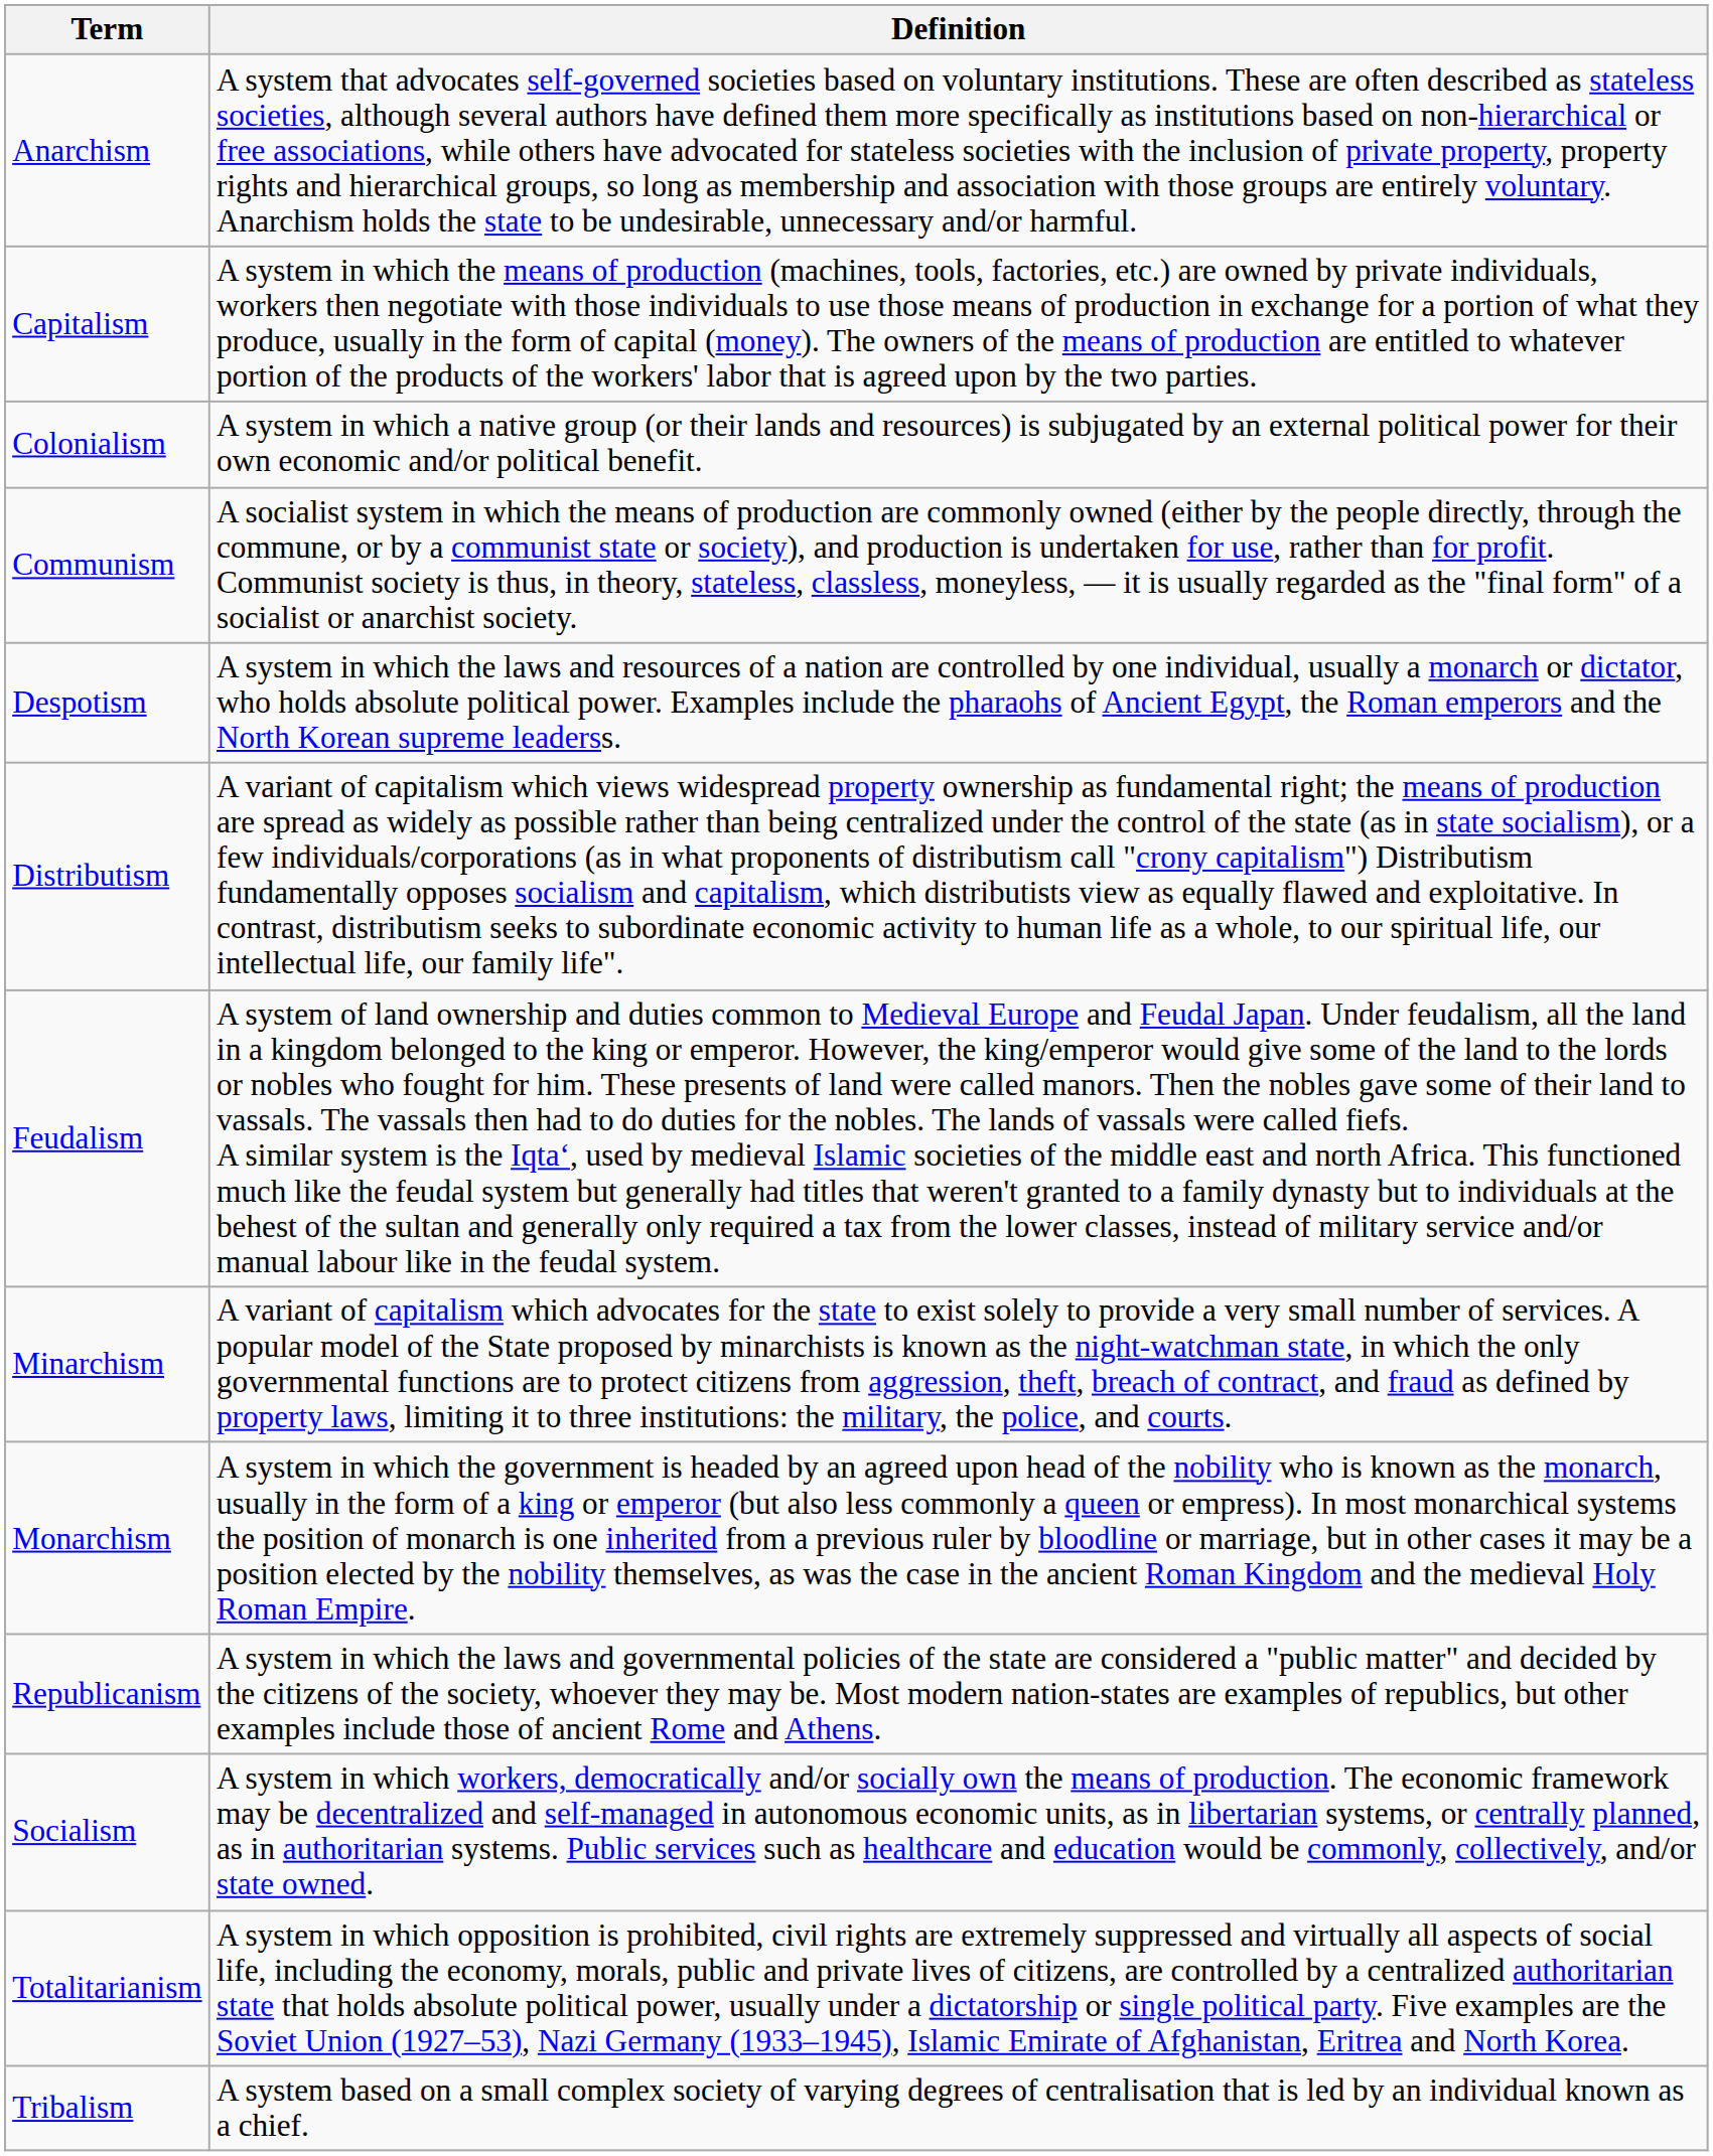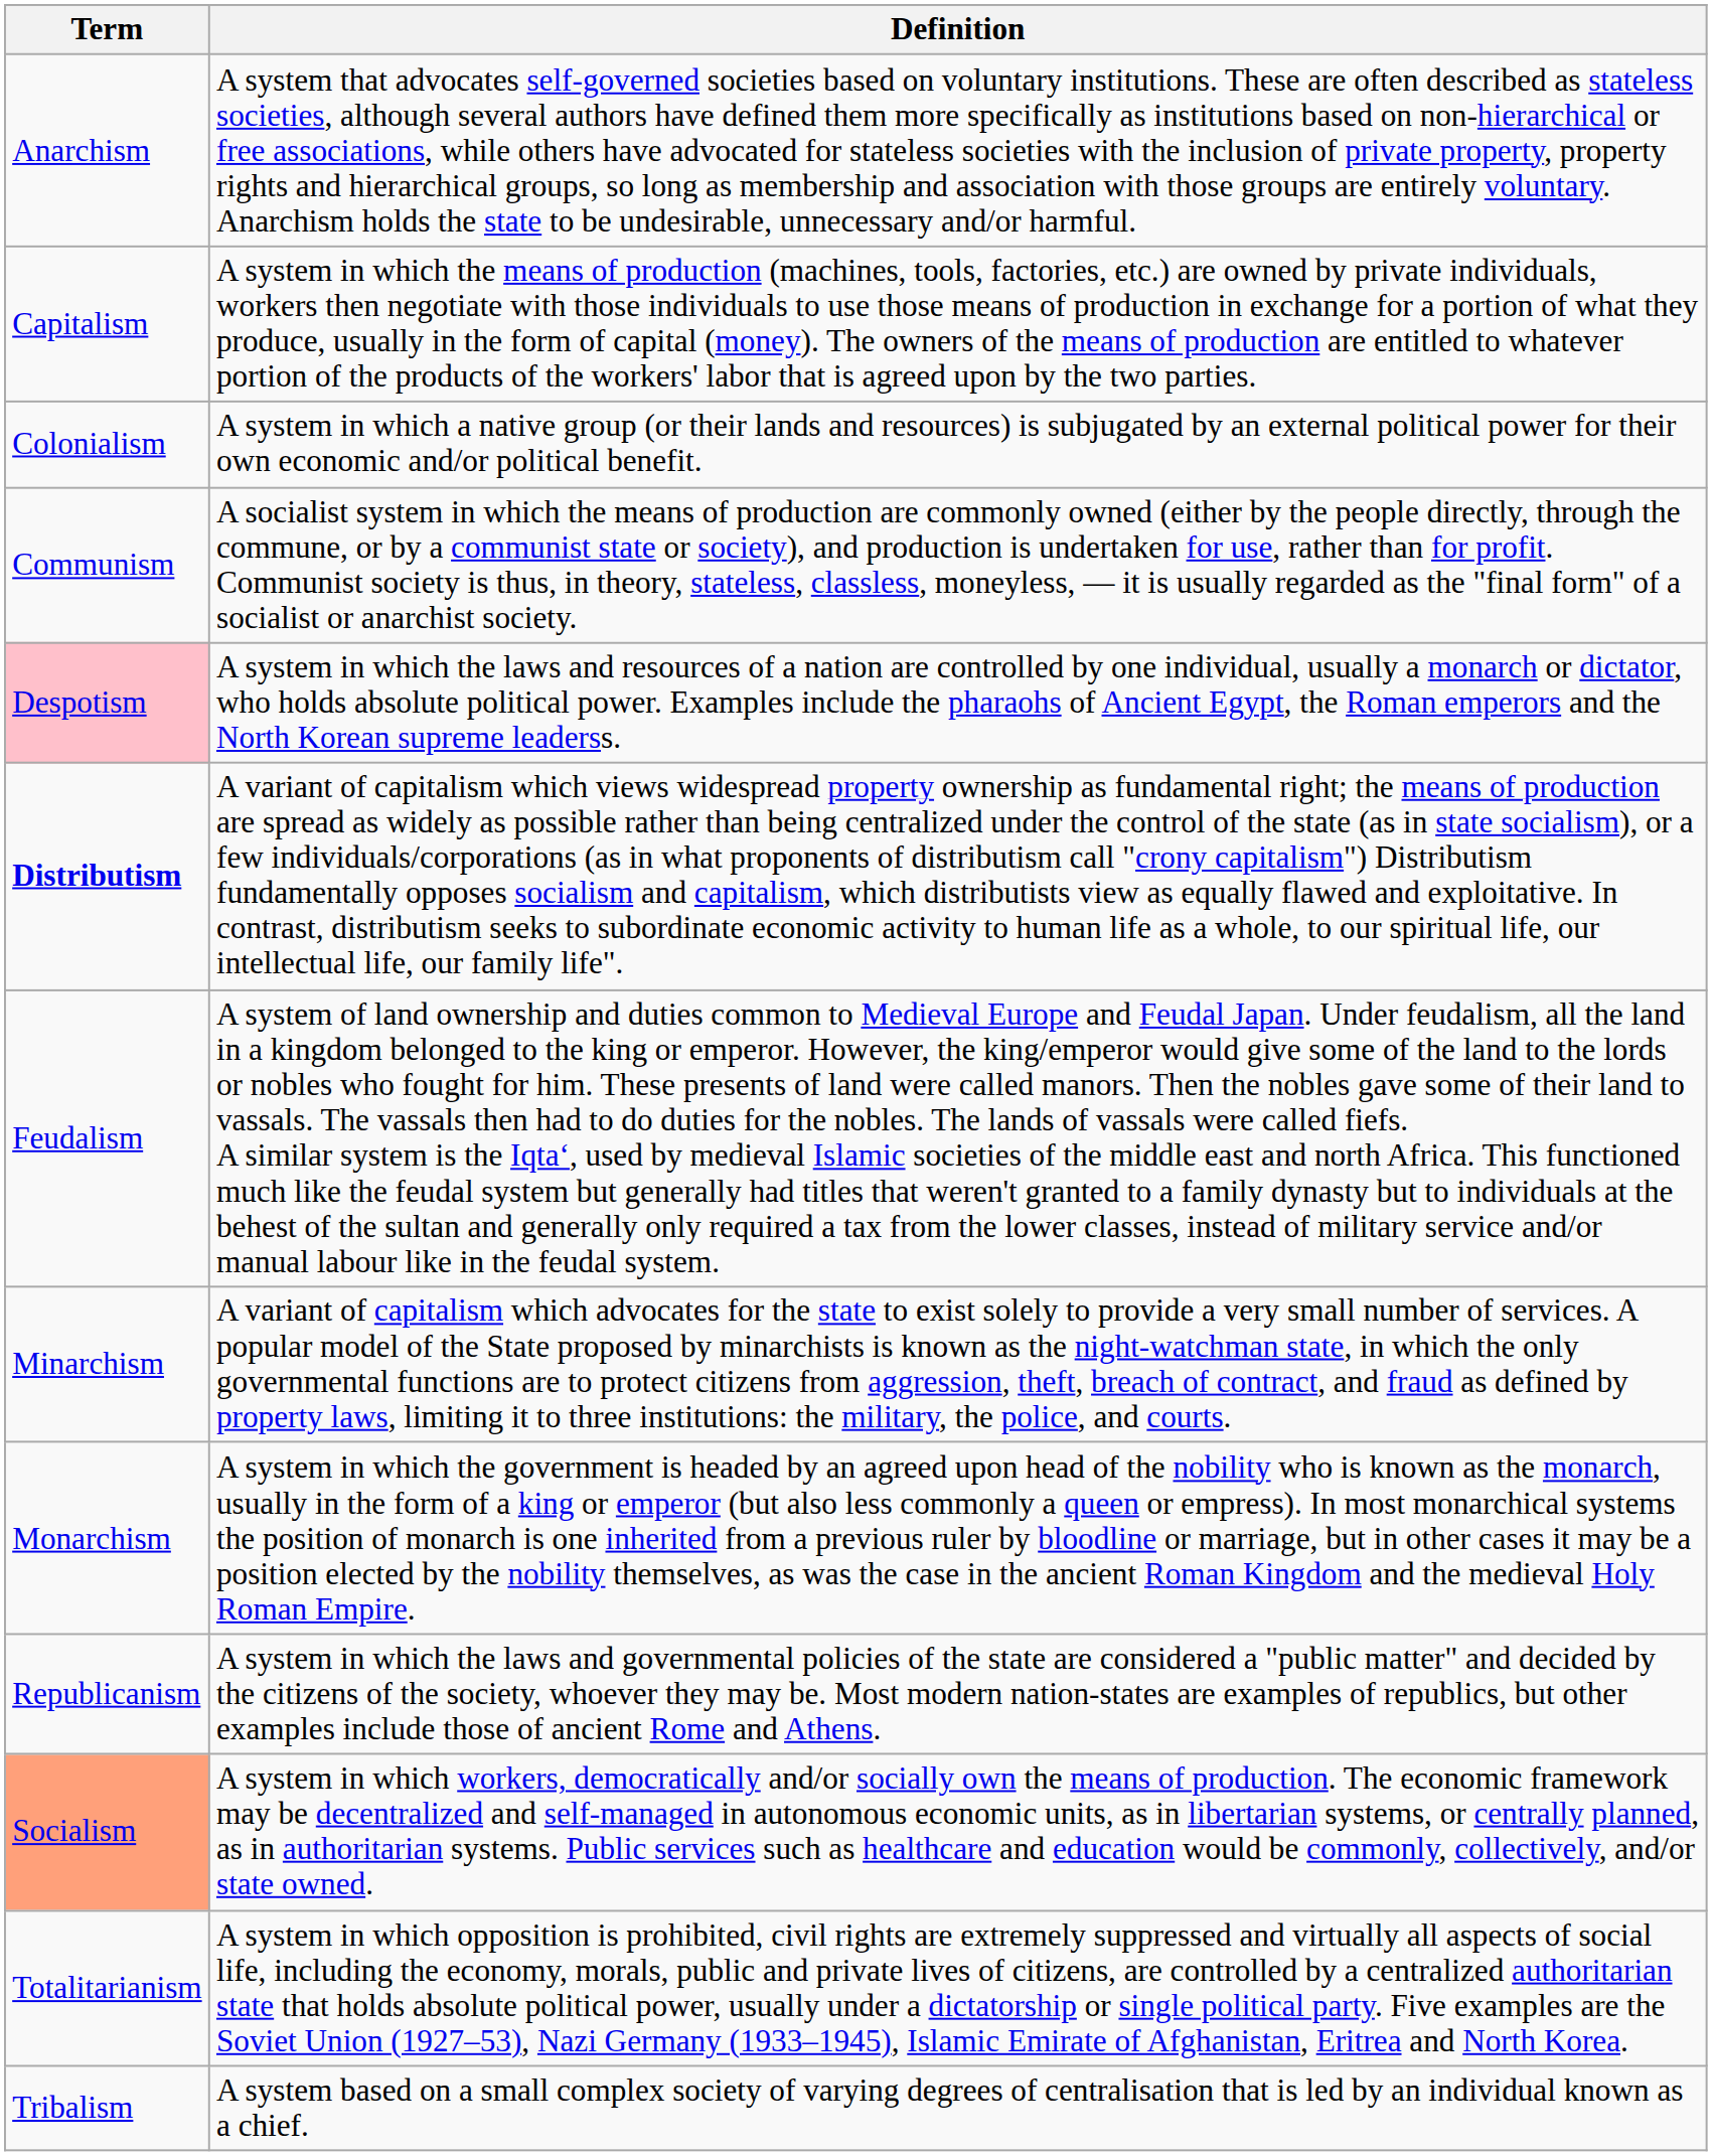 <table class="wikitable sortable">
 <tr>
 <th>Term</th>
 <th>Definition</th>
 </tr>
 <tr>
 <td><a href='#'>Anarchism</a></td>
 <td>A system that advocates <a href='#'>self-governed</a> societies based on voluntary institutions. These are often described as <a href='#'>stateless societies</a>, although several authors have defined them more specifically as institutions based on non-<a href='#'>hierarchical</a> or <a href='#'>free associations</a>, while others have advocated for stateless societies with the inclusion of <a href='#'>private property</a>, property rights and hierarchical groups, so long as membership and association with those groups are entirely <a href='#'>voluntary</a>. Anarchism holds the <a href='#'>state</a> to be undesirable, unnecessary and/or harmful.</td>
 </tr>
 <tr>
 <td><a href='#'>Capitalism</a></td>
 <td>A system in which the <a href='#'>means of production</a> (machines, tools, factories, etc.) are owned by private individuals, workers then negotiate with those individuals to use those means of production in exchange for a portion of what they produce, usually in the form of capital (<a href='#'>money</a>). The owners of the <a href='#'>means of production</a> are entitled to whatever portion of the products of the workers' labor that is agreed upon by the two parties.</td>
 </tr>
 <tr>
 <td><a href='#'>Colonialism</a></td>
 <td>A system in which a native group (or their lands and resources) is subjugated by an external political power for their own economic and/or political benefit.</td>
 </tr>
 <tr>
 <td><a href='#'>Communism</a></td>
 <td>A socialist system in which the means of production are commonly owned (either by the people directly, through the commune, or by a <a href='#'>communist state</a> or <a href='#'>society</a>), and production is undertaken <a href='#'>for use</a>, rather than <a href='#'>for profit</a>. Communist society is thus, in theory, <a href='#'>stateless</a>, <a href='#'>classless</a>, moneyless, — it is usually regarded as the "final form" of a socialist or anarchist society.</td>
 </tr>
 <tr>
-<td><a href='#'>Despotism</a></td>
+<td style="background: pink;"><a href='#'>Despotism</a></td>
 <td>A system in which the laws and resources of a nation are controlled by one individual, usually a <a href='#'>monarch</a> or <a href='#'>dictator</a>, who holds absolute political power. Examples include the <a href='#'>pharaohs</a> of <a href='#'>Ancient Egypt</a>, the <a href='#'>Roman emperors</a> and the <a href='#'>North Korean supreme leaders</a>s.</td>
 </tr>
 <tr>
-<td><a href='#'>Distributism</a></td>
+<td><strong><a href='#'>Distributism</a></strong></td>
 <td>A variant of capitalism which views widespread <a href='#'>property</a> ownership as fundamental right; the <a href='#'>means of production</a> are spread as widely as possible rather than being centralized under the control of the state (as in <a href='#'>state socialism</a>), or a few individuals/corporations (as in what proponents of distributism call "<a href='#'>crony capitalism</a>") Distributism fundamentally opposes <a href='#'>socialism</a> and <a href='#'>capitalism</a>, which distributists view as equally flawed and exploitative. In contrast, distributism seeks to subordinate economic activity to human life as a whole, to our spiritual life, our intellectual life, our family life".</td>
 </tr>
 <tr>
 <td><a href='#'>Feudalism</a></td>
 <td>A system of land ownership and duties common to <a href='#'>Medieval Europe</a> and <a href='#'>Feudal Japan</a>. Under feudalism, all the land in a kingdom belonged to the king or emperor. However, the king/emperor would give some of the land to the lords or nobles who fought for him. These presents of land were called manors. Then the nobles gave some of their land to vassals. The vassals then had to do duties for the nobles. The lands of vassals were called fiefs.<br>A similar system is the <a href='#'>Iqta‘</a>, used by medieval <a href='#'>Islamic</a> societies of the middle east and north Africa. This functioned much like the feudal system but generally had titles that weren't granted to a family dynasty but to individuals at the behest of the sultan and generally only required a tax from the lower classes, instead of military service and/or manual labour like in the feudal system.</td>
 </tr>
 <tr>
 <td><a href='#'>Minarchism</a></td>
 <td>A variant of <a href='#'>capitalism</a> which advocates for the <a href='#'>state</a> to exist solely to provide a very small number of services. A popular model of the State proposed by minarchists is known as the <a href='#'>night-watchman state</a>, in which the only governmental functions are to protect citizens from <a href='#'>aggression</a>, <a href='#'>theft</a>, <a href='#'>breach of contract</a>, and <a href='#'>fraud</a> as defined by <a href='#'>property laws</a>, limiting it to three institutions: the <a href='#'>military</a>, the <a href='#'>police</a>, and <a href='#'>courts</a>.</td>
 </tr>
 <tr>
 <td><a href='#'>Monarchism</a></td>
 <td>A system in which the government is headed by an agreed upon head of the <a href='#'>nobility</a> who is known as the <a href='#'>monarch</a>, usually in the form of a <a href='#'>king</a> or <a href='#'>emperor</a> (but also less commonly a <a href='#'>queen</a> or empress). In most monarchical systems the position of monarch is one <a href='#'>inherited</a> from a previous ruler by <a href='#'>bloodline</a> or marriage, but in other cases it may be a position elected by the <a href='#'>nobility</a> themselves, as was the case in the ancient <a href='#'>Roman Kingdom</a> and the medieval <a href='#'>Holy Roman Empire</a>.</td>
 </tr>
 <tr>
 <td><a href='#'>Republicanism</a></td>
 <td>A system in which the laws and governmental policies of the state are considered a "public matter" and decided by the citizens of the society, whoever they may be. Most modern nation-states are examples of republics, but other examples include those of ancient <a href='#'>Rome</a> and <a href='#'>Athens</a>.</td>
 </tr>
 <tr>
-<td><a href='#'>Socialism</a></td>
+<td style="background: lightsalmon;"><a href='#'>Socialism</a></td>
 <td>A system in which <a href='#'>workers, democratically</a> and/or <a href='#'>socially own</a> the <a href='#'>means of production</a>. The economic framework may be <a href='#'>decentralized</a> and <a href='#'>self-managed</a> in autonomous economic units, as in <a href='#'>libertarian</a> systems, or <a href='#'>centrally</a> <a href='#'>planned</a>, as in <a href='#'>authoritarian</a> systems. <a href='#'>Public services</a> such as <a href='#'>healthcare</a> and <a href='#'>education</a> would be <a href='#'>commonly</a>, <a href='#'>collectively</a>, and/or <a href='#'>state owned</a>.</td>
 </tr>
 <tr>
 <td><a href='#'>Totalitarianism</a></td>
 <td>A system in which opposition is prohibited, civil rights are extremely suppressed and virtually all aspects of social life, including the economy, morals, public and private lives of citizens, are controlled by a centralized <a href='#'>authoritarian</a> <a href='#'>state</a> that holds absolute political power, usually under a <a href='#'>dictatorship</a> or <a href='#'>single political party</a>. Five examples are the <a href='#'>Soviet Union (1927–53)</a>, <a href='#'>Nazi Germany (1933–1945)</a>, <a href='#'>Islamic Emirate of Afghanistan</a>, <a href='#'>Eritrea</a> and <a href='#'>North Korea</a>.</td>
 </tr>
 <tr>
 <td><a href='#'>Tribalism</a></td>
 <td>A system based on a small complex society of varying degrees of centralisation that is led by an individual known as a chief.</td>
 </tr>
 </table>
